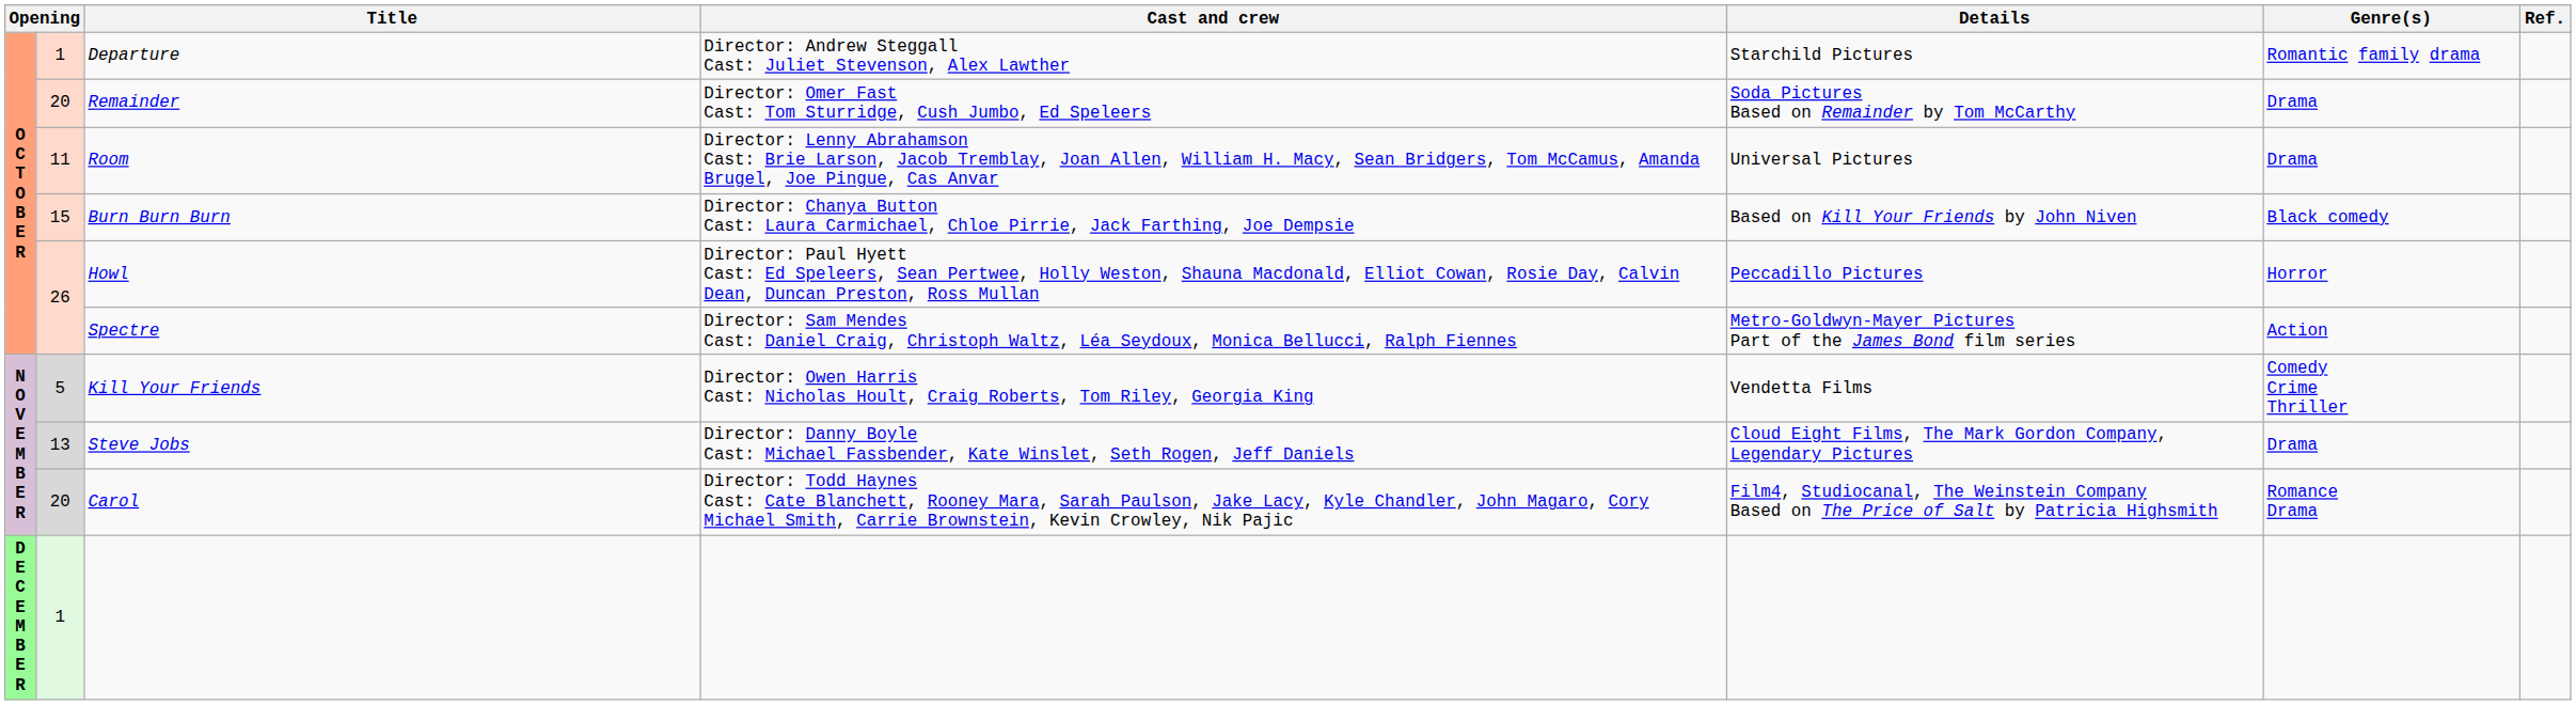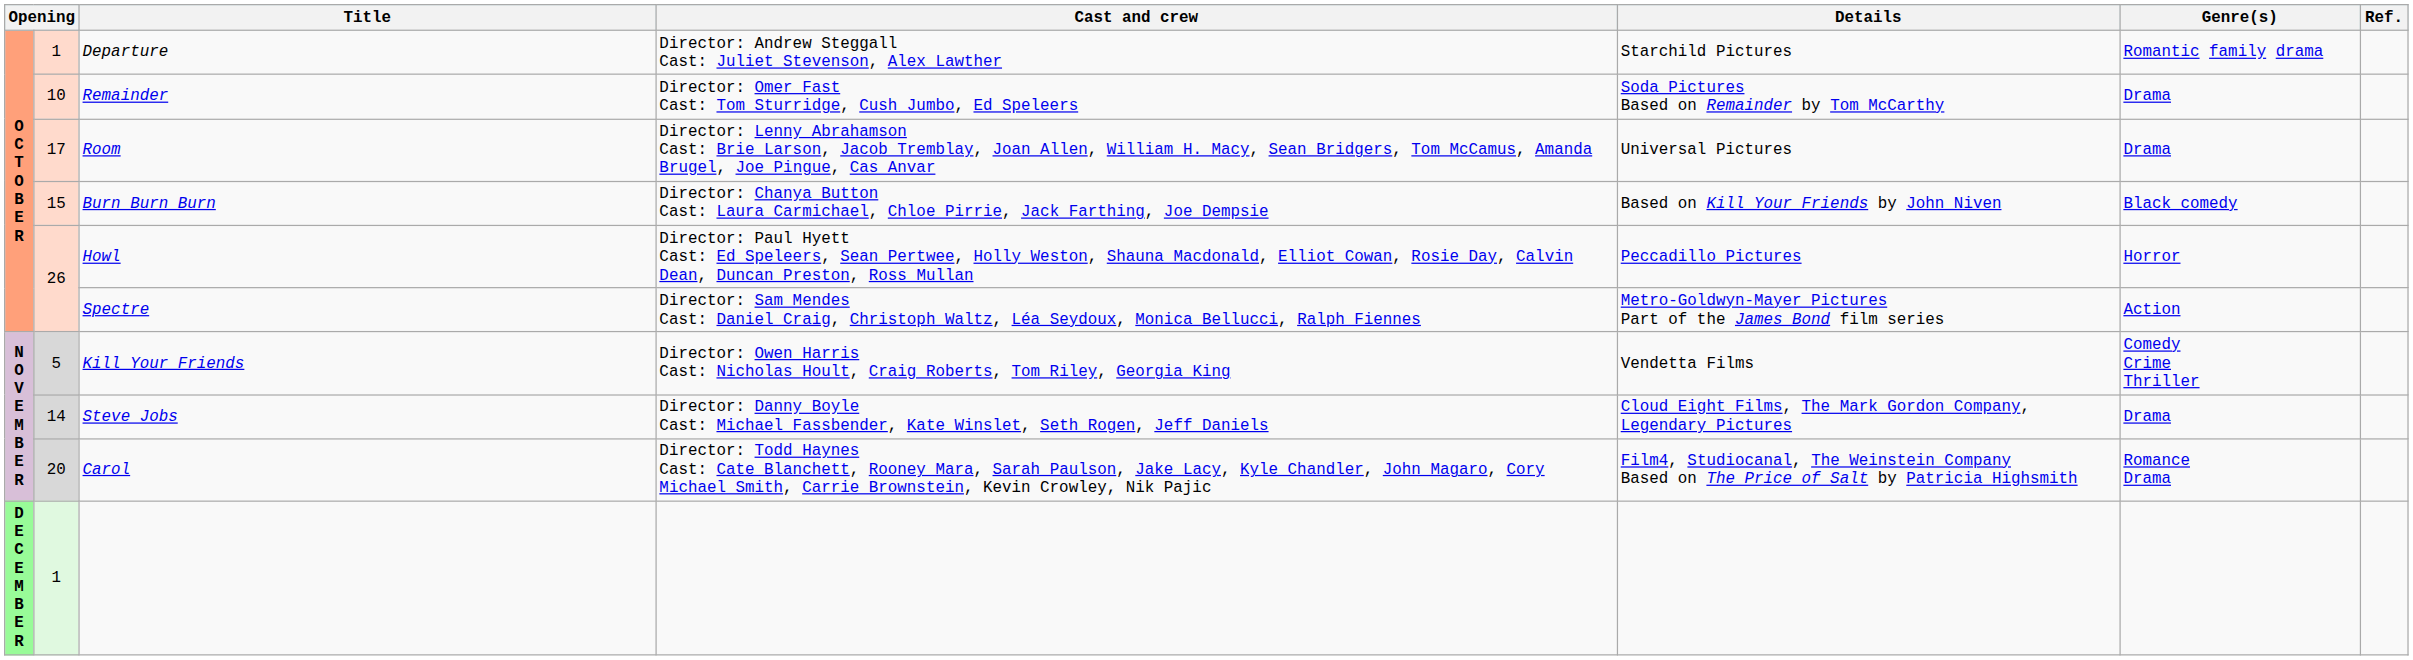 <table class="wikitable">
 <tr style="background:#b0e0e6; text-align:center;">
 <th colspan="2">Opening</th>
 <th style="width:24%;">Title</th>
 <th style="width:40%;">Cast and crew</th>
 <th>Details</th>
 <th style="width:10%;">Genre(s)</th>
 <th style="width:2%;">Ref.</th>
 </tr>
 <tr>
 <th rowspan="6" style="text-align:center; background:#ffa07a; textcolor:#000;">O<br>C<br>T<br>O<br>B<br>E<br>R</th>
 <td style="text-align:center; background:#ffdacc;">1</td>
 <td><em>Departure</em></td>
 <td>Director: Andrew Steggall <br> Cast: <a href='#'>Juliet Stevenson</a>, <a href='#'>Alex Lawther</a></td>
 <td>Starchild Pictures</td>
 <td><a href='#'>Romantic</a> <a href='#'>family</a> <a href='#'>drama</a></td>
 <td style="text-align:center"></td>
 </tr>
 <tr>
-<td style="text-align:center; background:#ffdacc;">20</td>
+<td style="text-align:center; background:#ffdacc;">10</td>
 <td><em><a href='#'>Remainder</a></em></td>
 <td>Director: <a href='#'>Omer Fast</a> <br> Cast: <a href='#'>Tom Sturridge</a>, <a href='#'>Cush Jumbo</a>, <a href='#'>Ed Speleers</a></td>
 <td><a href='#'>Soda Pictures</a> <br> Based on <em><a href='#'>Remainder</a></em> by <a href='#'>Tom McCarthy</a></td>
 <td><a href='#'>Drama</a></td>
 <td style="text-align:center"></td>
 </tr>
 <tr>
-<td style="text-align:center; background:#ffdacc;">11</td>
+<td style="text-align:center; background:#ffdacc;">17</td>
 <td><em><a href='#'>Room</a></em></td>
 <td>Director: <a href='#'>Lenny Abrahamson</a> <br> Cast: <a href='#'>Brie Larson</a>, <a href='#'>Jacob Tremblay</a>, <a href='#'>Joan Allen</a>, <a href='#'>William H. Macy</a>, <a href='#'>Sean Bridgers</a>, <a href='#'>Tom McCamus</a>, <a href='#'>Amanda Brugel</a>, <a href='#'>Joe Pingue</a>, <a href='#'>Cas Anvar</a></td>
 <td>Universal Pictures</td>
 <td><a href='#'>Drama</a></td>
 <td style="text-align:center"></td>
 </tr>
 <tr>
 <td style="text-align:center; background:#ffdacc;">15</td>
 <td><em><a href='#'>Burn Burn Burn</a></em></td>
 <td>Director: <a href='#'>Chanya Button</a> <br> Cast: <a href='#'>Laura Carmichael</a>, <a href='#'>Chloe Pirrie</a>, <a href='#'>Jack Farthing</a>, <a href='#'>Joe Dempsie</a></td>
 <td>Based on <em><a href='#'>Kill Your Friends</a></em> by <a href='#'>John Niven</a></td>
 <td><a href='#'>Black comedy</a></td>
 <td style="text-align:center"></td>
 </tr>
 <tr>
 <td rowspan="2" style="text-align:center; background:#ffdacc;">26</td>
 <td><em><a href='#'>Howl</a></em></td>
 <td>Director: Paul Hyett <br> Cast: <a href='#'>Ed Speleers</a>, <a href='#'>Sean Pertwee</a>, <a href='#'>Holly Weston</a>, <a href='#'>Shauna Macdonald</a>, <a href='#'>Elliot Cowan</a>, <a href='#'>Rosie Day</a>, <a href='#'>Calvin Dean</a>, <a href='#'>Duncan Preston</a>, <a href='#'>Ross Mullan</a></td>
 <td><a href='#'>Peccadillo Pictures</a></td>
 <td><a href='#'>Horror</a></td>
 <td style="text-align:center"></td>
 </tr>
 <tr>
 <td><em><a href='#'>Spectre</a></em></td>
 <td>Director: <a href='#'>Sam Mendes</a> <br> Cast: <a href='#'>Daniel Craig</a>, <a href='#'>Christoph Waltz</a>, <a href='#'>Léa Seydoux</a>, <a href='#'>Monica Bellucci</a>, <a href='#'>Ralph Fiennes</a></td>
 <td><a href='#'>Metro-Goldwyn-Mayer Pictures</a> <br> Part of the <em><a href='#'>James Bond</a></em> film series</td>
 <td><a href='#'>Action</a></td>
 <td style="text-align:center"></td>
 </tr>
 <tr>
 <th rowspan="3" style="text-align:center; background:thistle; textcolor:#000;">N<br>O<br>V<br>E<br>M<br>B<br>E<br>R</th>
 <td style="text-align:center; background:#d8d8d8;">5</td>
 <td><em><a href='#'>Kill Your Friends</a></em></td>
 <td>Director: <a href='#'>Owen Harris</a> <br> Cast: <a href='#'>Nicholas Hoult</a>, <a href='#'>Craig Roberts</a>, <a href='#'>Tom Riley</a>, <a href='#'>Georgia King</a></td>
 <td>Vendetta Films</td>
 <td><a href='#'>Comedy</a> <br> <a href='#'>Crime</a> <br> <a href='#'>Thriller</a></td>
 <td style="text-align:center"></td>
 </tr>
 <tr>
-<td style="text-align:center; background:#d8d8d8;">13</td>
+<td style="text-align:center; background:#d8d8d8;">14</td>
 <td><em><a href='#'>Steve Jobs</a></em></td>
 <td>Director: <a href='#'>Danny Boyle</a><br>Cast: <a href='#'>Michael Fassbender</a>, <a href='#'>Kate Winslet</a>, <a href='#'>Seth Rogen</a>, <a href='#'>Jeff Daniels</a></td>
 <td><a href='#'>Cloud Eight Films</a>, <a href='#'>The Mark Gordon Company</a>, <a href='#'>Legendary Pictures</a></td>
 <td><a href='#'>Drama</a></td>
 <td style="text-align:center"></td>
 </tr>
 <tr>
 <td style="text-align:center; background:#d8d8d8;">20</td>
 <td><em><a href='#'>Carol</a></em></td>
 <td>Director: <a href='#'>Todd Haynes</a><br>Cast: <a href='#'>Cate Blanchett</a>, <a href='#'>Rooney Mara</a>, <a href='#'>Sarah Paulson</a>, <a href='#'>Jake Lacy</a>, <a href='#'>Kyle Chandler</a>, <a href='#'>John Magaro</a>, <a href='#'>Cory Michael Smith</a>, <a href='#'>Carrie Brownstein</a>, Kevin Crowley, Nik Pajic</td>
 <td><a href='#'>Film4</a>, <a href='#'>Studiocanal</a>, <a href='#'>The Weinstein Company</a><br>Based on <em><a href='#'>The Price of Salt</a></em> by <a href='#'>Patricia Highsmith</a></td>
 <td><a href='#'>Romance</a> <br> <a href='#'>Drama</a></td>
 <td style="text-align:center"></td>
 </tr>
 <tr>
 <th style="text-align:center; background:#98fb98; textcolor:#000;">D<br>E<br>C<br>E<br>M<br>B<br>E<br>R</th>
 <td style="text-align:center; background:#e0f9e0;">1</td>
 <td></td>
 <td></td>
 <td></td>
 <td></td>
 <td style="text-align:center"></td>
 </tr>
 </table>
